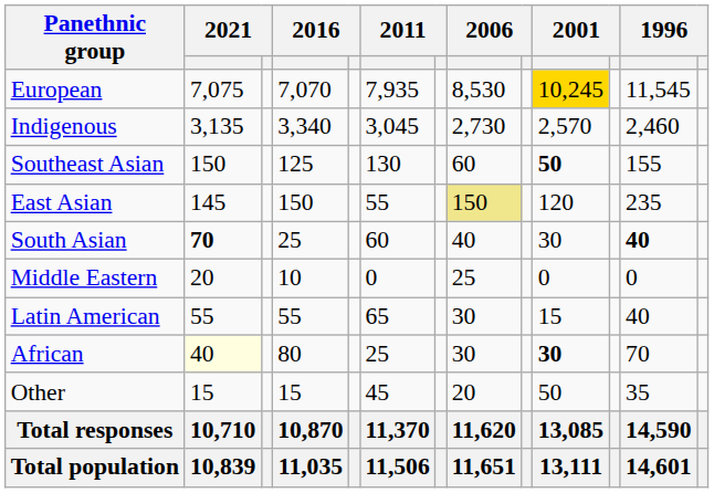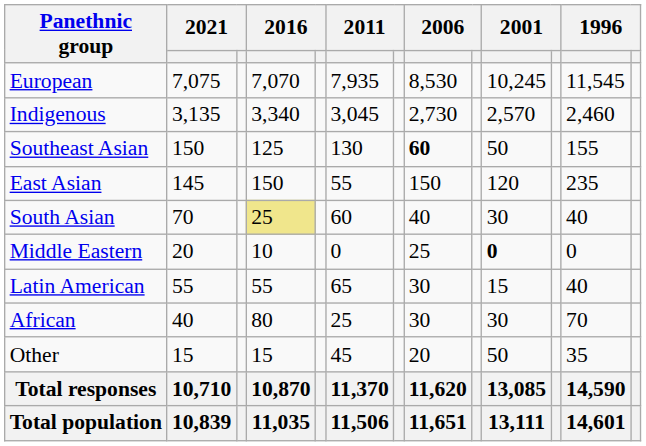 <table class="wikitable collapsible sortable">
 <tr>
 <th rowspan="2"><a href='#'>Panethnic</a><br>group</th>
 <th colspan="2">2021</th>
 <th colspan="2">2016</th>
 <th colspan="2">2011</th>
 <th colspan="2">2006</th>
 <th colspan="2">2001</th>
 <th colspan="2">1996</th>
 </tr>
 <tr>
 <th><a href='#'></a></th>
 <th></th>
 <th></th>
 <th></th>
 <th></th>
 <th></th>
 <th></th>
 <th></th>
 <th></th>
 <th></th>
 <th></th>
 <th></th>
 </tr>
 <tr>
 <td><a href='#'>European</a></td>
 <td>7,075</td>
 <td></td>
 <td>7,070</td>
 <td></td>
 <td>7,935</td>
 <td></td>
 <td>8,530</td>
 <td></td>
-<td style="background: gold;">10,245</td>
+<td>10,245</td>
 <td></td>
 <td>11,545</td>
 <td></td>
 </tr>
 <tr>
 <td><a href='#'>Indigenous</a></td>
 <td>3,135</td>
 <td></td>
 <td>3,340</td>
 <td></td>
 <td>3,045</td>
 <td></td>
 <td>2,730</td>
 <td></td>
 <td>2,570</td>
 <td></td>
 <td>2,460</td>
 <td></td>
 </tr>
 <tr>
 <td><a href='#'>Southeast Asian</a></td>
 <td>150</td>
 <td></td>
 <td>125</td>
 <td></td>
 <td>130</td>
 <td></td>
-<td>60</td>
+<td><strong>60</strong></td>
 <td></td>
-<td><strong>50</strong></td>
+<td>50</td>
 <td></td>
 <td>155</td>
 <td></td>
 </tr>
 <tr>
 <td><a href='#'>East Asian</a></td>
 <td>145</td>
 <td></td>
 <td>150</td>
 <td></td>
 <td>55</td>
 <td></td>
-<td style="background: khaki;">150</td>
+<td>150</td>
 <td></td>
 <td>120</td>
 <td></td>
 <td>235</td>
 <td></td>
 </tr>
 <tr>
 <td><a href='#'>South Asian</a></td>
-<td><strong>70</strong></td>
+<td>70</td>
 <td></td>
-<td>25</td>
+<td style="background: khaki;">25</td>
 <td></td>
 <td>60</td>
 <td></td>
 <td>40</td>
 <td></td>
 <td>30</td>
 <td></td>
-<td><strong>40</strong></td>
+<td>40</td>
 <td></td>
 </tr>
 <tr>
 <td><a href='#'>Middle Eastern</a></td>
 <td>20</td>
 <td></td>
 <td>10</td>
 <td></td>
 <td>0</td>
 <td></td>
 <td>25</td>
 <td></td>
-<td>0</td>
+<td><strong>0</strong></td>
 <td></td>
 <td>0</td>
 <td></td>
 </tr>
 <tr>
 <td><a href='#'>Latin American</a></td>
 <td>55</td>
 <td></td>
 <td>55</td>
 <td></td>
 <td>65</td>
 <td></td>
 <td>30</td>
 <td></td>
 <td>15</td>
 <td></td>
 <td>40</td>
 <td></td>
 </tr>
 <tr>
 <td><a href='#'>African</a></td>
-<td style="background: lightyellow;">40</td>
+<td>40</td>
 <td></td>
 <td>80</td>
 <td></td>
 <td>25</td>
 <td></td>
 <td>30</td>
 <td></td>
-<td><strong>30</strong></td>
+<td>30</td>
 <td></td>
 <td>70</td>
 <td></td>
 </tr>
 <tr>
 <td>Other</td>
 <td>15</td>
 <td></td>
 <td>15</td>
 <td></td>
 <td>45</td>
 <td></td>
 <td>20</td>
 <td></td>
 <td>50</td>
 <td></td>
 <td>35</td>
 <td></td>
 </tr>
 <tr>
 <th>Total responses</th>
 <th>10,710</th>
 <th></th>
 <th>10,870</th>
 <th></th>
 <th>11,370</th>
 <th></th>
 <th>11,620</th>
 <th></th>
 <th>13,085</th>
 <th></th>
 <th>14,590</th>
 <th></th>
 </tr>
 <tr>
 <th>Total population</th>
 <th>10,839</th>
 <th></th>
 <th>11,035</th>
 <th></th>
 <th>11,506</th>
 <th></th>
 <th>11,651</th>
 <th></th>
 <th>13,111</th>
 <th></th>
 <th>14,601</th>
 <th></th>
 </tr>
 </table>
